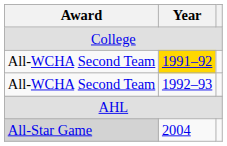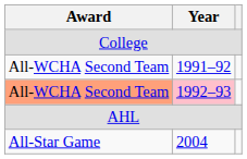 <table class="wikitable">
 <tr>
 <th>Award</th>
 <th>Year</th>
 <th></th>
 </tr>
 <tr ALIGN="center" bgcolor="#e0e0e0">
 <td colspan="3"><a href='#'>College</a></td>
 </tr>
 <tr>
 <td>All-<a href='#'>WCHA</a> <a href='#'>Second Team</a></td>
-<td style="background: gold;"><a href='#'>1991–92</a></td>
+<td><a href='#'>1991–92</a></td>
 <td></td>
 </tr>
 <tr>
-<td>All-<a href='#'>WCHA</a> <a href='#'>Second Team</a></td>
-<td><a href='#'>1992–93</a></td>
+<td style="background: lightsalmon;">All-<a href='#'>WCHA</a> <a href='#'>Second Team</a></td>
+<td style="background: pink;"><a href='#'>1992–93</a></td>
 <td></td>
 </tr>
 <tr ALIGN="center" bgcolor="#e0e0e0">
 <td colspan="3"><a href='#'>AHL</a></td>
 </tr>
 <tr>
-<td style="background: lightgrey;"><a href='#'>All-Star Game</a></td>
+<td><a href='#'>All-Star Game</a></td>
 <td><a href='#'>2004</a></td>
 <td></td>
 </tr>
 </table>
